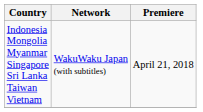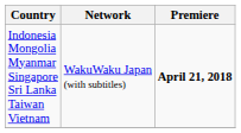 <table class="wikitable">
 <tr>
 <th>Country</th>
 <th>Network</th>
 <th>Premiere</th>
 </tr>
 <tr>
 <td> <a href='#'>Indonesia</a><br> <a href='#'>Mongolia</a><br> <a href='#'>Myanmar</a><br>  <a href='#'>Singapore</a><br> <a href='#'>Sri Lanka</a><br>  <a href='#'>Taiwan</a><br>  <a href='#'>Vietnam</a></td>
 <td><a href='#'>WakuWaku Japan</a><br><small>(with subtitles)</small></td>
-<td>April 21, 2018</td>
+<td><strong>April 21, 2018</strong></td>
 </tr>
 <tr>
 </tr>
 </table>
